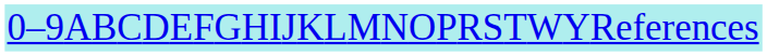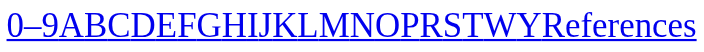 <table id="toc" class="toc" summary="Class">
 <tr>
 <th></th>
 </tr>
 <tr>
-<td style="background: paleturquoise; text-align:center;"><a href='#'>0–9</a><a href='#'>A</a><a href='#'>B</a><a href='#'>C</a><a href='#'>D</a><a href='#'>E</a><a href='#'>F</a><a href='#'>G</a><a href='#'>H</a><a href='#'>I</a><a href='#'>J</a><a href='#'>K</a><a href='#'>L</a><a href='#'>M</a><a href='#'>N</a><a href='#'>O</a><a href='#'>P</a><a href='#'>R</a><a href='#'>S</a><a href='#'>T</a><a href='#'>W</a><a href='#'>Y</a><a href='#'>References</a></td>
+<td style="text-align:center;"><a href='#'>0–9</a><a href='#'>A</a><a href='#'>B</a><a href='#'>C</a><a href='#'>D</a><a href='#'>E</a><a href='#'>F</a><a href='#'>G</a><a href='#'>H</a><a href='#'>I</a><a href='#'>J</a><a href='#'>K</a><a href='#'>L</a><a href='#'>M</a><a href='#'>N</a><a href='#'>O</a><a href='#'>P</a><a href='#'>R</a><a href='#'>S</a><a href='#'>T</a><a href='#'>W</a><a href='#'>Y</a><a href='#'>References</a></td>
 </tr>
 </table>
